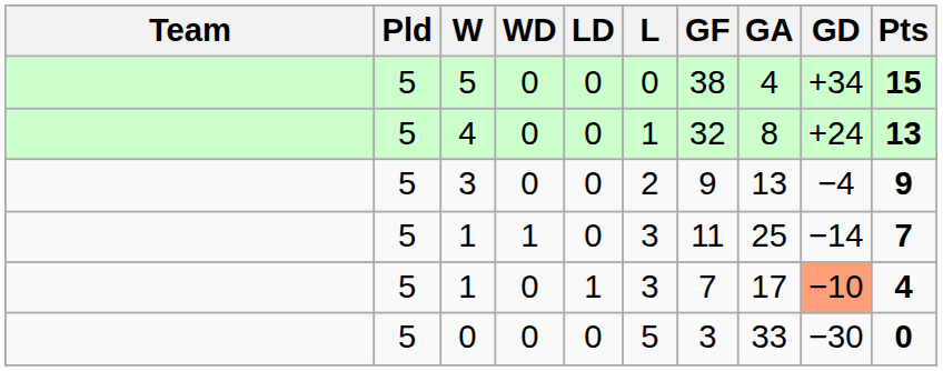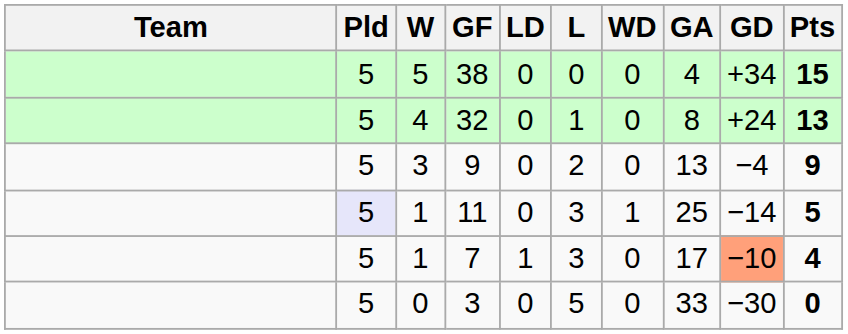 <table class="wikitable" style="text-align:center">
 <tr>
 <th width=175>Team</th>
 <th width=20>Pld</th>
 <th width=20>W</th>
-<th width=20>WD</th>
+<th width=20>GF</th>
 <th width=20>LD</th>
 <th width=20>L</th>
-<th width=20>GF</th>
+<th width=20>WD</th>
 <th width=20>GA</th>
 <th width=20>GD</th>
 <th width=20>Pts</th>
 </tr>
 <tr bgcolor=ccffcc>
 <td align=left></td>
 <td>5</td>
 <td>5</td>
+<td>38</td>
 <td>0</td>
 <td>0</td>
 <td>0</td>
-<td>38</td>
 <td>4</td>
 <td>+34</td>
 <td><strong>15</strong></td>
 </tr>
 <tr bgcolor=ccffcc>
 <td align=left></td>
 <td>5</td>
 <td>4</td>
-<td>0</td>
+<td>32</td>
 <td>0</td>
 <td>1</td>
-<td>32</td>
+<td>0</td>
 <td>8</td>
 <td>+24</td>
 <td><strong>13</strong></td>
 </tr>
 <tr>
 <td align=left></td>
 <td>5</td>
 <td>3</td>
-<td>0</td>
+<td>9</td>
 <td>0</td>
 <td>2</td>
-<td>9</td>
+<td>0</td>
 <td>13</td>
 <td>−4</td>
 <td><strong>9</strong></td>
 </tr>
 <tr>
 <td align=left></td>
-<td>5</td>
+<td style="background: lavender;">5</td>
 <td>1</td>
-<td>1</td>
+<td>11</td>
 <td>0</td>
 <td>3</td>
-<td>11</td>
+<td>1</td>
 <td>25</td>
 <td>−14</td>
-<td><strong>7</strong></td>
+<td><strong>5</strong></td>
 </tr>
 <tr>
 <td align=left></td>
 <td>5</td>
 <td>1</td>
-<td>0</td>
+<td>7</td>
 <td>1</td>
 <td>3</td>
-<td>7</td>
+<td>0</td>
 <td>17</td>
 <td style="background: lightsalmon;">−10</td>
 <td><strong>4</strong></td>
 </tr>
 <tr>
 <td align=left></td>
 <td>5</td>
 <td>0</td>
-<td>0</td>
+<td>3</td>
 <td>0</td>
 <td>5</td>
-<td>3</td>
+<td>0</td>
 <td>33</td>
 <td>−30</td>
 <td><strong>0</strong></td>
 </tr>
 </table>
